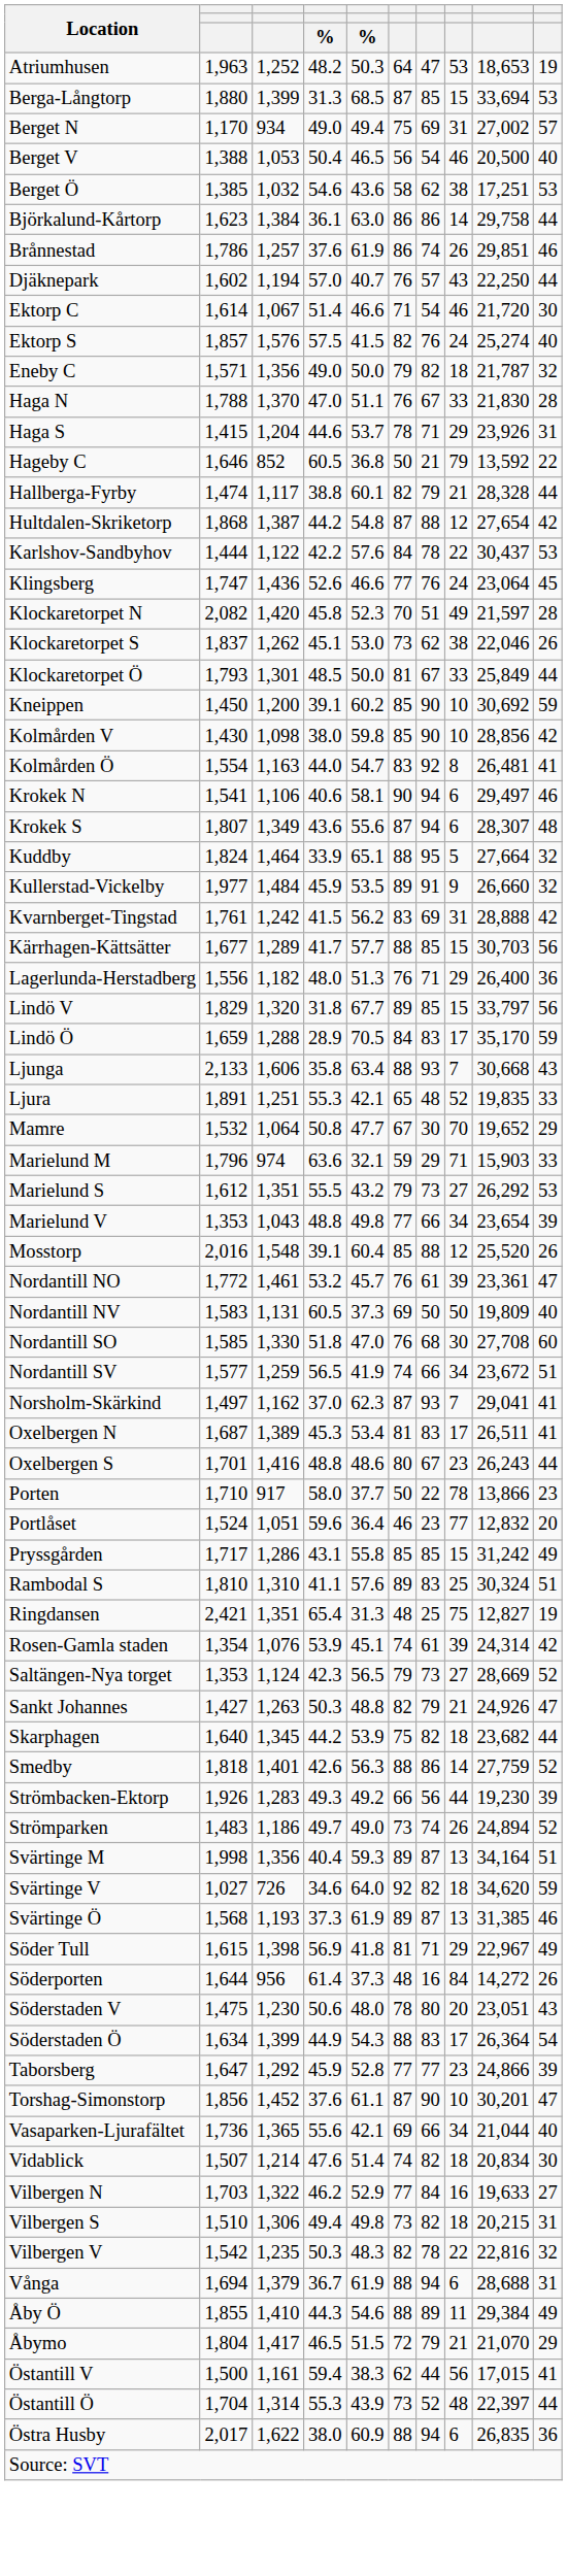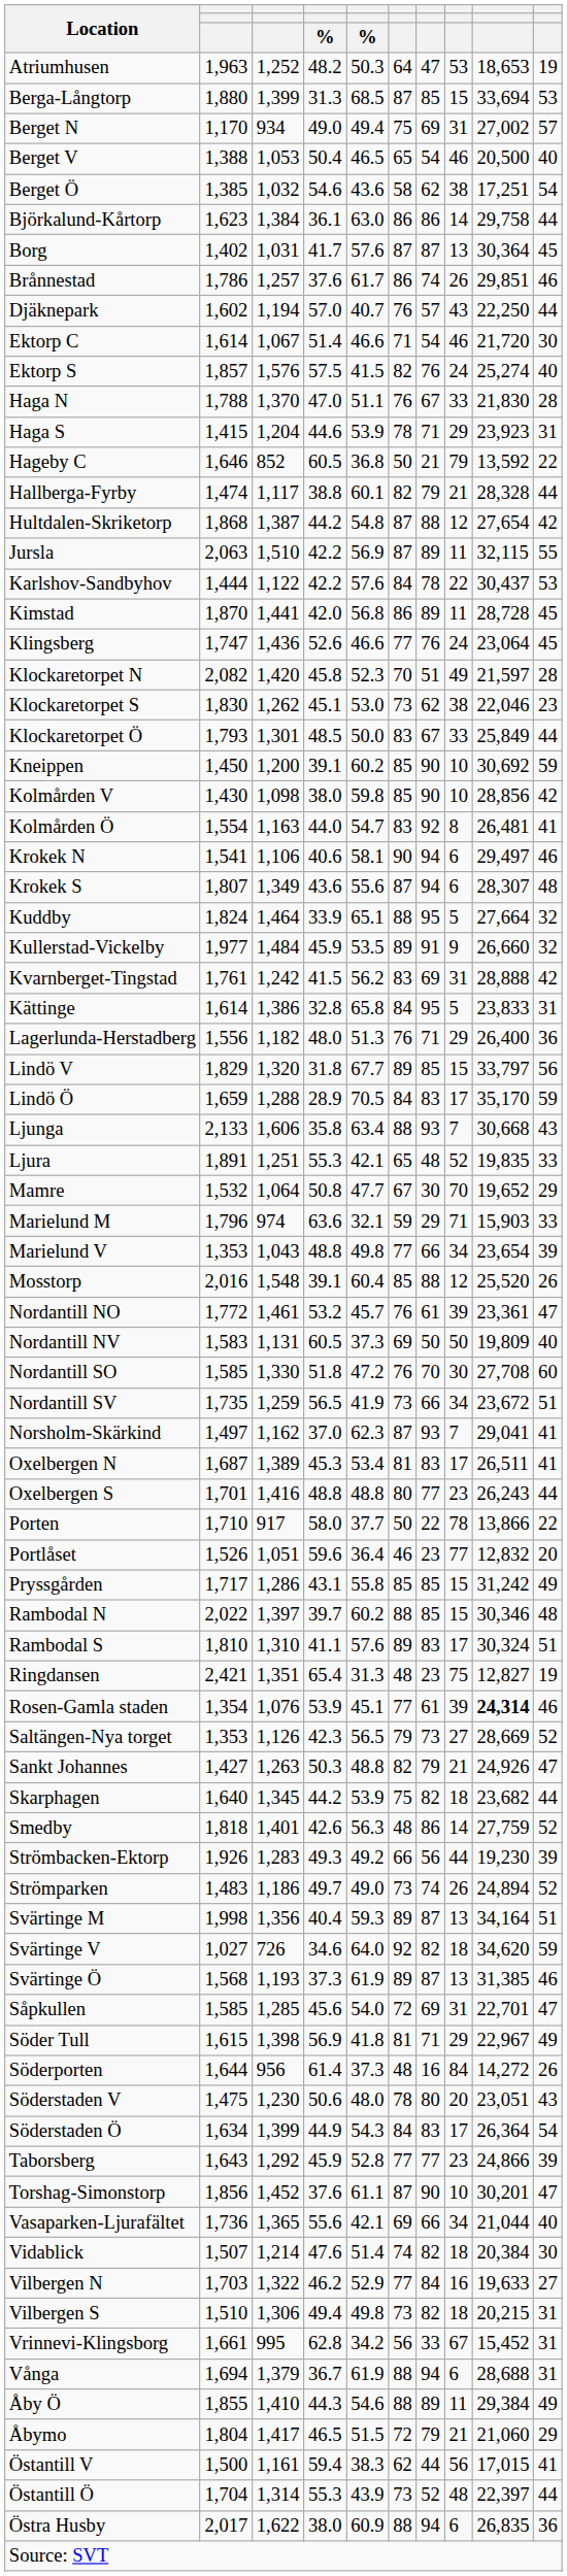 <table role="presentation" class="wikitable sortable mw-collapsible mw-collapsed">
 <tr>
 <th rowspan="3">Location</th>
 <th></th>
 <th></th>
 <th></th>
 <th></th>
 <th></th>
 <th></th>
 <th></th>
 <th></th>
 <th></th>
 </tr>
 <tr>
 <th></th>
 <th></th>
 <th style="background:"></th>
 <th style="background:"></th>
 <th></th>
 <th></th>
 <th></th>
 <th></th>
 <th></th>
 </tr>
 <tr>
 <th data-sort-type="number"></th>
 <th data-sort-type="number"></th>
 <th data-sort-type="number">%</th>
 <th data-sort-type="number">%</th>
 <th data-sort-type="number"></th>
 <th data-sort-type="number"></th>
 <th data-sort-type="number"></th>
 <th data-sort-type="number"></th>
 <th data-sort-type="number"></th>
 </tr>
 <tr>
 <td align="left">Atriumhusen</td>
 <td>1,963</td>
 <td>1,252</td>
 <td>48.2</td>
 <td>50.3</td>
 <td>64</td>
 <td>47</td>
 <td>53</td>
 <td>18,653</td>
 <td>19</td>
 </tr>
 <tr>
 <td align="left">Berga-Långtorp</td>
 <td>1,880</td>
 <td>1,399</td>
 <td>31.3</td>
 <td>68.5</td>
 <td>87</td>
 <td>85</td>
 <td>15</td>
 <td>33,694</td>
 <td>53</td>
 </tr>
 <tr>
 <td align="left">Berget N</td>
 <td>1,170</td>
 <td>934</td>
 <td>49.0</td>
 <td>49.4</td>
 <td>75</td>
 <td>69</td>
 <td>31</td>
 <td>27,002</td>
 <td>57</td>
 </tr>
 <tr>
 <td align="left">Berget V</td>
 <td>1,388</td>
 <td>1,053</td>
 <td>50.4</td>
 <td>46.5</td>
-<td>56</td>
+<td>65</td>
 <td>54</td>
 <td>46</td>
 <td>20,500</td>
 <td>40</td>
 </tr>
 <tr>
 <td align="left">Berget Ö</td>
 <td>1,385</td>
 <td>1,032</td>
 <td>54.6</td>
 <td>43.6</td>
 <td>58</td>
 <td>62</td>
 <td>38</td>
 <td>17,251</td>
-<td>53</td>
+<td>54</td>
 </tr>
 <tr>
 <td align="left">Björkalund-Kårtorp</td>
 <td>1,623</td>
 <td>1,384</td>
 <td>36.1</td>
 <td>63.0</td>
 <td>86</td>
 <td>86</td>
 <td>14</td>
 <td>29,758</td>
 <td>44</td>
 </tr>
 <tr>
+<td align="left">Borg</td>
+<td>1,402</td>
+<td>1,031</td>
+<td>41.7</td>
+<td>57.6</td>
+<td>87</td>
+<td>87</td>
+<td>13</td>
+<td>30,364</td>
+<td>45</td>
+</tr>
+<tr>
 <td align="left">Brånnestad</td>
 <td>1,786</td>
 <td>1,257</td>
 <td>37.6</td>
-<td>61.9</td>
+<td>61.7</td>
 <td>86</td>
 <td>74</td>
 <td>26</td>
 <td>29,851</td>
 <td>46</td>
 </tr>
 <tr>
 <td align="left">Djäknepark</td>
 <td>1,602</td>
 <td>1,194</td>
 <td>57.0</td>
 <td>40.7</td>
 <td>76</td>
 <td>57</td>
 <td>43</td>
 <td>22,250</td>
 <td>44</td>
 </tr>
 <tr>
 <td align="left">Ektorp C</td>
 <td>1,614</td>
 <td>1,067</td>
 <td>51.4</td>
 <td>46.6</td>
 <td>71</td>
 <td>54</td>
 <td>46</td>
 <td>21,720</td>
 <td>30</td>
 </tr>
 <tr>
 <td align="left">Ektorp S</td>
 <td>1,857</td>
 <td>1,576</td>
 <td>57.5</td>
 <td>41.5</td>
 <td>82</td>
 <td>76</td>
 <td>24</td>
 <td>25,274</td>
 <td>40</td>
 </tr>
 <tr>
-<td align="left">Eneby C</td>
-<td>1,571</td>
-<td>1,356</td>
-<td>49.0</td>
-<td>50.0</td>
-<td>79</td>
-<td>82</td>
-<td>18</td>
-<td>21,787</td>
-<td>32</td>
-</tr>
-<tr>
 <td align="left">Haga N</td>
 <td>1,788</td>
 <td>1,370</td>
 <td>47.0</td>
 <td>51.1</td>
 <td>76</td>
 <td>67</td>
 <td>33</td>
 <td>21,830</td>
 <td>28</td>
 </tr>
 <tr>
 <td align="left">Haga S</td>
 <td>1,415</td>
 <td>1,204</td>
 <td>44.6</td>
-<td>53.7</td>
+<td>53.9</td>
 <td>78</td>
 <td>71</td>
 <td>29</td>
-<td>23,926</td>
+<td>23,923</td>
 <td>31</td>
 </tr>
 <tr>
 <td align="left">Hageby C</td>
 <td>1,646</td>
 <td>852</td>
 <td>60.5</td>
 <td>36.8</td>
 <td>50</td>
 <td>21</td>
 <td>79</td>
 <td>13,592</td>
 <td>22</td>
 </tr>
 <tr>
 <td align="left">Hallberga-Fyrby</td>
 <td>1,474</td>
 <td>1,117</td>
 <td>38.8</td>
 <td>60.1</td>
 <td>82</td>
 <td>79</td>
 <td>21</td>
 <td>28,328</td>
 <td>44</td>
 </tr>
 <tr>
 <td align="left">Hultdalen-Skriketorp</td>
 <td>1,868</td>
 <td>1,387</td>
 <td>44.2</td>
 <td>54.8</td>
 <td>87</td>
 <td>88</td>
 <td>12</td>
 <td>27,654</td>
 <td>42</td>
 </tr>
 <tr>
+<td align="left">Jursla</td>
+<td>2,063</td>
+<td>1,510</td>
+<td>42.2</td>
+<td>56.9</td>
+<td>87</td>
+<td>89</td>
+<td>11</td>
+<td>32,115</td>
+<td>55</td>
+</tr>
+<tr>
 <td align="left">Karlshov-Sandbyhov</td>
 <td>1,444</td>
 <td>1,122</td>
 <td>42.2</td>
 <td>57.6</td>
 <td>84</td>
 <td>78</td>
 <td>22</td>
 <td>30,437</td>
 <td>53</td>
+</tr>
+<tr>
+<td align="left">Kimstad</td>
+<td>1,870</td>
+<td>1,441</td>
+<td>42.0</td>
+<td>56.8</td>
+<td>86</td>
+<td>89</td>
+<td>11</td>
+<td>28,728</td>
+<td>45</td>
 </tr>
 <tr>
 <td align="left">Klingsberg</td>
 <td>1,747</td>
 <td>1,436</td>
 <td>52.6</td>
 <td>46.6</td>
 <td>77</td>
 <td>76</td>
 <td>24</td>
 <td>23,064</td>
 <td>45</td>
 </tr>
 <tr>
 <td align="left">Klockaretorpet N</td>
 <td>2,082</td>
 <td>1,420</td>
 <td>45.8</td>
 <td>52.3</td>
 <td>70</td>
 <td>51</td>
 <td>49</td>
 <td>21,597</td>
 <td>28</td>
 </tr>
 <tr>
 <td align="left">Klockaretorpet S</td>
-<td>1,837</td>
+<td>1,830</td>
 <td>1,262</td>
 <td>45.1</td>
 <td>53.0</td>
 <td>73</td>
 <td>62</td>
 <td>38</td>
 <td>22,046</td>
-<td>26</td>
+<td>23</td>
 </tr>
 <tr>
 <td align="left">Klockaretorpet Ö</td>
 <td>1,793</td>
 <td>1,301</td>
 <td>48.5</td>
 <td>50.0</td>
-<td>81</td>
+<td>83</td>
 <td>67</td>
 <td>33</td>
 <td>25,849</td>
 <td>44</td>
 </tr>
 <tr>
 <td align="left">Kneippen</td>
 <td>1,450</td>
 <td>1,200</td>
 <td>39.1</td>
 <td>60.2</td>
 <td>85</td>
 <td>90</td>
 <td>10</td>
 <td>30,692</td>
 <td>59</td>
 </tr>
 <tr>
 <td align="left">Kolmården V</td>
 <td>1,430</td>
 <td>1,098</td>
 <td>38.0</td>
 <td>59.8</td>
 <td>85</td>
 <td>90</td>
 <td>10</td>
 <td>28,856</td>
 <td>42</td>
 </tr>
 <tr>
 <td align="left">Kolmården Ö</td>
 <td>1,554</td>
 <td>1,163</td>
 <td>44.0</td>
 <td>54.7</td>
 <td>83</td>
 <td>92</td>
 <td>8</td>
 <td>26,481</td>
 <td>41</td>
 </tr>
 <tr>
 <td align="left">Krokek N</td>
 <td>1,541</td>
 <td>1,106</td>
 <td>40.6</td>
 <td>58.1</td>
 <td>90</td>
 <td>94</td>
 <td>6</td>
 <td>29,497</td>
 <td>46</td>
 </tr>
 <tr>
 <td align="left">Krokek S</td>
 <td>1,807</td>
 <td>1,349</td>
 <td>43.6</td>
 <td>55.6</td>
 <td>87</td>
 <td>94</td>
 <td>6</td>
 <td>28,307</td>
 <td>48</td>
 </tr>
 <tr>
 <td align="left">Kuddby</td>
 <td>1,824</td>
 <td>1,464</td>
 <td>33.9</td>
 <td>65.1</td>
 <td>88</td>
 <td>95</td>
 <td>5</td>
 <td>27,664</td>
 <td>32</td>
 </tr>
 <tr>
 <td align="left">Kullerstad-Vickelby</td>
 <td>1,977</td>
 <td>1,484</td>
 <td>45.9</td>
 <td>53.5</td>
 <td>89</td>
 <td>91</td>
 <td>9</td>
 <td>26,660</td>
 <td>32</td>
 </tr>
 <tr>
 <td align="left">Kvarnberget-Tingstad</td>
 <td>1,761</td>
 <td>1,242</td>
 <td>41.5</td>
 <td>56.2</td>
 <td>83</td>
 <td>69</td>
 <td>31</td>
 <td>28,888</td>
 <td>42</td>
 </tr>
 <tr>
-<td align="left">Kärrhagen-Kättsätter</td>
-<td>1,677</td>
-<td>1,289</td>
-<td>41.7</td>
-<td>57.7</td>
-<td>88</td>
-<td>85</td>
-<td>15</td>
-<td>30,703</td>
-<td>56</td>
+<td align="left">Kättinge</td>
+<td>1,614</td>
+<td>1,386</td>
+<td>32.8</td>
+<td>65.8</td>
+<td>84</td>
+<td>95</td>
+<td>5</td>
+<td>23,833</td>
+<td>31</td>
 </tr>
 <tr>
 <td align="left">Lagerlunda-Herstadberg</td>
 <td>1,556</td>
 <td>1,182</td>
 <td>48.0</td>
 <td>51.3</td>
 <td>76</td>
 <td>71</td>
 <td>29</td>
 <td>26,400</td>
 <td>36</td>
 </tr>
 <tr>
 <td align="left">Lindö V</td>
 <td>1,829</td>
 <td>1,320</td>
 <td>31.8</td>
 <td>67.7</td>
 <td>89</td>
 <td>85</td>
 <td>15</td>
 <td>33,797</td>
 <td>56</td>
 </tr>
 <tr>
 <td align="left">Lindö Ö</td>
 <td>1,659</td>
 <td>1,288</td>
 <td>28.9</td>
 <td>70.5</td>
 <td>84</td>
 <td>83</td>
 <td>17</td>
 <td>35,170</td>
 <td>59</td>
 </tr>
 <tr>
 <td align="left">Ljunga</td>
 <td>2,133</td>
 <td>1,606</td>
 <td>35.8</td>
 <td>63.4</td>
 <td>88</td>
 <td>93</td>
 <td>7</td>
 <td>30,668</td>
 <td>43</td>
 </tr>
 <tr>
 <td align="left">Ljura</td>
 <td>1,891</td>
 <td>1,251</td>
 <td>55.3</td>
 <td>42.1</td>
 <td>65</td>
 <td>48</td>
 <td>52</td>
 <td>19,835</td>
 <td>33</td>
 </tr>
 <tr>
 <td align="left">Mamre</td>
 <td>1,532</td>
 <td>1,064</td>
 <td>50.8</td>
 <td>47.7</td>
 <td>67</td>
 <td>30</td>
 <td>70</td>
 <td>19,652</td>
 <td>29</td>
 </tr>
 <tr>
 <td align="left">Marielund M</td>
 <td>1,796</td>
 <td>974</td>
 <td>63.6</td>
 <td>32.1</td>
 <td>59</td>
 <td>29</td>
 <td>71</td>
 <td>15,903</td>
 <td>33</td>
 </tr>
 <tr>
-<td align="left">Marielund S</td>
-<td>1,612</td>
-<td>1,351</td>
-<td>55.5</td>
-<td>43.2</td>
-<td>79</td>
-<td>73</td>
-<td>27</td>
-<td>26,292</td>
-<td>53</td>
-</tr>
-<tr>
 <td align="left">Marielund V</td>
 <td>1,353</td>
 <td>1,043</td>
 <td>48.8</td>
 <td>49.8</td>
 <td>77</td>
 <td>66</td>
 <td>34</td>
 <td>23,654</td>
 <td>39</td>
 </tr>
 <tr>
 <td align="left">Mosstorp</td>
 <td>2,016</td>
 <td>1,548</td>
 <td>39.1</td>
 <td>60.4</td>
 <td>85</td>
 <td>88</td>
 <td>12</td>
 <td>25,520</td>
 <td>26</td>
 </tr>
 <tr>
 <td align="left">Nordantill NO</td>
 <td>1,772</td>
 <td>1,461</td>
 <td>53.2</td>
 <td>45.7</td>
 <td>76</td>
 <td>61</td>
 <td>39</td>
 <td>23,361</td>
 <td>47</td>
 </tr>
 <tr>
 <td align="left">Nordantill NV</td>
 <td>1,583</td>
 <td>1,131</td>
 <td>60.5</td>
 <td>37.3</td>
 <td>69</td>
 <td>50</td>
 <td>50</td>
 <td>19,809</td>
 <td>40</td>
 </tr>
 <tr>
 <td align="left">Nordantill SO</td>
 <td>1,585</td>
 <td>1,330</td>
 <td>51.8</td>
-<td>47.0</td>
+<td>47.2</td>
 <td>76</td>
-<td>68</td>
+<td>70</td>
 <td>30</td>
 <td>27,708</td>
 <td>60</td>
 </tr>
 <tr>
 <td align="left">Nordantill SV</td>
-<td>1,577</td>
+<td>1,735</td>
 <td>1,259</td>
 <td>56.5</td>
 <td>41.9</td>
-<td>74</td>
+<td>73</td>
 <td>66</td>
 <td>34</td>
 <td>23,672</td>
 <td>51</td>
 </tr>
 <tr>
 <td align="left">Norsholm-Skärkind</td>
 <td>1,497</td>
 <td>1,162</td>
 <td>37.0</td>
 <td>62.3</td>
 <td>87</td>
 <td>93</td>
 <td>7</td>
 <td>29,041</td>
 <td>41</td>
 </tr>
 <tr>
 <td align="left">Oxelbergen N</td>
 <td>1,687</td>
 <td>1,389</td>
 <td>45.3</td>
 <td>53.4</td>
 <td>81</td>
 <td>83</td>
 <td>17</td>
 <td>26,511</td>
 <td>41</td>
 </tr>
 <tr>
 <td align="left">Oxelbergen S</td>
 <td>1,701</td>
 <td>1,416</td>
 <td>48.8</td>
-<td>48.6</td>
+<td>48.8</td>
 <td>80</td>
-<td>67</td>
+<td>77</td>
 <td>23</td>
 <td>26,243</td>
 <td>44</td>
 </tr>
 <tr>
 <td align="left">Porten</td>
 <td>1,710</td>
 <td>917</td>
 <td>58.0</td>
 <td>37.7</td>
 <td>50</td>
 <td>22</td>
 <td>78</td>
 <td>13,866</td>
-<td>23</td>
+<td>22</td>
 </tr>
 <tr>
 <td align="left">Portlåset</td>
-<td>1,524</td>
+<td>1,526</td>
 <td>1,051</td>
 <td>59.6</td>
 <td>36.4</td>
 <td>46</td>
 <td>23</td>
 <td>77</td>
 <td>12,832</td>
 <td>20</td>
 </tr>
 <tr>
 <td align="left">Pryssgården</td>
 <td>1,717</td>
 <td>1,286</td>
 <td>43.1</td>
 <td>55.8</td>
 <td>85</td>
 <td>85</td>
 <td>15</td>
 <td>31,242</td>
 <td>49</td>
 </tr>
 <tr>
+<td align="left">Rambodal N</td>
+<td>2,022</td>
+<td>1,397</td>
+<td>39.7</td>
+<td>60.2</td>
+<td>88</td>
+<td>85</td>
+<td>15</td>
+<td>30,346</td>
+<td>48</td>
+</tr>
+<tr>
 <td align="left">Rambodal S</td>
 <td>1,810</td>
 <td>1,310</td>
 <td>41.1</td>
 <td>57.6</td>
 <td>89</td>
 <td>83</td>
-<td>25</td>
+<td>17</td>
 <td>30,324</td>
 <td>51</td>
 </tr>
 <tr>
 <td align="left">Ringdansen</td>
 <td>2,421</td>
 <td>1,351</td>
 <td>65.4</td>
 <td>31.3</td>
 <td>48</td>
-<td>25</td>
+<td>23</td>
 <td>75</td>
 <td>12,827</td>
 <td>19</td>
 </tr>
 <tr>
 <td align="left">Rosen-Gamla staden</td>
 <td>1,354</td>
 <td>1,076</td>
 <td>53.9</td>
 <td>45.1</td>
-<td>74</td>
+<td>77</td>
 <td>61</td>
 <td>39</td>
-<td>24,314</td>
-<td>42</td>
+<td><strong>24,314</strong></td>
+<td>46</td>
 </tr>
 <tr>
 <td align="left">Saltängen-Nya torget</td>
 <td>1,353</td>
-<td>1,124</td>
+<td>1,126</td>
 <td>42.3</td>
 <td>56.5</td>
 <td>79</td>
 <td>73</td>
 <td>27</td>
 <td>28,669</td>
 <td>52</td>
 </tr>
 <tr>
 <td align="left">Sankt Johannes</td>
 <td>1,427</td>
 <td>1,263</td>
 <td>50.3</td>
 <td>48.8</td>
 <td>82</td>
 <td>79</td>
 <td>21</td>
 <td>24,926</td>
 <td>47</td>
 </tr>
 <tr>
 <td align="left">Skarphagen</td>
 <td>1,640</td>
 <td>1,345</td>
 <td>44.2</td>
 <td>53.9</td>
 <td>75</td>
 <td>82</td>
 <td>18</td>
 <td>23,682</td>
 <td>44</td>
 </tr>
 <tr>
 <td align="left">Smedby</td>
 <td>1,818</td>
 <td>1,401</td>
 <td>42.6</td>
 <td>56.3</td>
-<td>88</td>
+<td>48</td>
 <td>86</td>
 <td>14</td>
 <td>27,759</td>
 <td>52</td>
 </tr>
 <tr>
 <td align="left">Strömbacken-Ektorp</td>
 <td>1,926</td>
 <td>1,283</td>
 <td>49.3</td>
 <td>49.2</td>
 <td>66</td>
 <td>56</td>
 <td>44</td>
 <td>19,230</td>
 <td>39</td>
 </tr>
 <tr>
 <td align="left">Strömparken</td>
 <td>1,483</td>
 <td>1,186</td>
 <td>49.7</td>
 <td>49.0</td>
 <td>73</td>
 <td>74</td>
 <td>26</td>
 <td>24,894</td>
 <td>52</td>
 </tr>
 <tr>
 <td align="left">Svärtinge M</td>
 <td>1,998</td>
 <td>1,356</td>
 <td>40.4</td>
 <td>59.3</td>
 <td>89</td>
 <td>87</td>
 <td>13</td>
 <td>34,164</td>
 <td>51</td>
 </tr>
 <tr>
 <td align="left">Svärtinge V</td>
 <td>1,027</td>
 <td>726</td>
 <td>34.6</td>
 <td>64.0</td>
 <td>92</td>
 <td>82</td>
 <td>18</td>
 <td>34,620</td>
 <td>59</td>
 </tr>
 <tr>
 <td align="left">Svärtinge Ö</td>
 <td>1,568</td>
 <td>1,193</td>
 <td>37.3</td>
 <td>61.9</td>
 <td>89</td>
 <td>87</td>
 <td>13</td>
 <td>31,385</td>
 <td>46</td>
 </tr>
 <tr>
+<td align="left">Såpkullen</td>
+<td>1,585</td>
+<td>1,285</td>
+<td>45.6</td>
+<td>54.0</td>
+<td>72</td>
+<td>69</td>
+<td>31</td>
+<td>22,701</td>
+<td>47</td>
+</tr>
+<tr>
 <td align="left">Söder Tull</td>
 <td>1,615</td>
 <td>1,398</td>
 <td>56.9</td>
 <td>41.8</td>
 <td>81</td>
 <td>71</td>
 <td>29</td>
 <td>22,967</td>
 <td>49</td>
 </tr>
 <tr>
 <td align="left">Söderporten</td>
 <td>1,644</td>
 <td>956</td>
 <td>61.4</td>
 <td>37.3</td>
 <td>48</td>
 <td>16</td>
 <td>84</td>
 <td>14,272</td>
 <td>26</td>
 </tr>
 <tr>
 <td align="left">Söderstaden V</td>
 <td>1,475</td>
 <td>1,230</td>
 <td>50.6</td>
 <td>48.0</td>
 <td>78</td>
 <td>80</td>
 <td>20</td>
 <td>23,051</td>
 <td>43</td>
 </tr>
 <tr>
 <td align="left">Söderstaden Ö</td>
 <td>1,634</td>
 <td>1,399</td>
 <td>44.9</td>
 <td>54.3</td>
-<td>88</td>
+<td>84</td>
 <td>83</td>
 <td>17</td>
 <td>26,364</td>
 <td>54</td>
 </tr>
 <tr>
 <td align="left">Taborsberg</td>
-<td>1,647</td>
+<td>1,643</td>
 <td>1,292</td>
 <td>45.9</td>
 <td>52.8</td>
 <td>77</td>
 <td>77</td>
 <td>23</td>
 <td>24,866</td>
 <td>39</td>
 </tr>
 <tr>
 <td align="left">Torshag-Simonstorp</td>
 <td>1,856</td>
 <td>1,452</td>
 <td>37.6</td>
 <td>61.1</td>
 <td>87</td>
 <td>90</td>
 <td>10</td>
 <td>30,201</td>
 <td>47</td>
 </tr>
 <tr>
 <td align="left">Vasaparken-Ljurafältet</td>
 <td>1,736</td>
 <td>1,365</td>
 <td>55.6</td>
 <td>42.1</td>
 <td>69</td>
 <td>66</td>
 <td>34</td>
 <td>21,044</td>
 <td>40</td>
 </tr>
 <tr>
 <td align="left">Vidablick</td>
 <td>1,507</td>
 <td>1,214</td>
 <td>47.6</td>
 <td>51.4</td>
 <td>74</td>
 <td>82</td>
 <td>18</td>
-<td>20,834</td>
+<td>20,384</td>
 <td>30</td>
 </tr>
 <tr>
 <td align="left">Vilbergen N</td>
 <td>1,703</td>
 <td>1,322</td>
 <td>46.2</td>
 <td>52.9</td>
 <td>77</td>
 <td>84</td>
 <td>16</td>
 <td>19,633</td>
 <td>27</td>
 </tr>
 <tr>
 <td align="left">Vilbergen S</td>
 <td>1,510</td>
 <td>1,306</td>
 <td>49.4</td>
 <td>49.8</td>
 <td>73</td>
 <td>82</td>
 <td>18</td>
 <td>20,215</td>
 <td>31</td>
 </tr>
 <tr>
-<td align="left">Vilbergen V</td>
-<td>1,542</td>
-<td>1,235</td>
-<td>50.3</td>
-<td>48.3</td>
-<td>82</td>
-<td>78</td>
-<td>22</td>
-<td>22,816</td>
-<td>32</td>
+<td align="left">Vrinnevi-Klingsborg</td>
+<td>1,661</td>
+<td>995</td>
+<td>62.8</td>
+<td>34.2</td>
+<td>56</td>
+<td>33</td>
+<td>67</td>
+<td>15,452</td>
+<td>31</td>
 </tr>
 <tr>
 <td align="left">Vånga</td>
 <td>1,694</td>
 <td>1,379</td>
 <td>36.7</td>
 <td>61.9</td>
 <td>88</td>
 <td>94</td>
 <td>6</td>
 <td>28,688</td>
 <td>31</td>
 </tr>
 <tr>
 <td align="left">Åby Ö</td>
 <td>1,855</td>
 <td>1,410</td>
 <td>44.3</td>
 <td>54.6</td>
 <td>88</td>
 <td>89</td>
 <td>11</td>
 <td>29,384</td>
 <td>49</td>
 </tr>
 <tr>
 <td align="left">Åbymo</td>
 <td>1,804</td>
 <td>1,417</td>
 <td>46.5</td>
 <td>51.5</td>
 <td>72</td>
 <td>79</td>
 <td>21</td>
-<td>21,070</td>
+<td>21,060</td>
 <td>29</td>
 </tr>
 <tr>
 <td align="left">Östantill V</td>
 <td>1,500</td>
 <td>1,161</td>
 <td>59.4</td>
 <td>38.3</td>
 <td>62</td>
 <td>44</td>
 <td>56</td>
 <td>17,015</td>
 <td>41</td>
 </tr>
 <tr>
 <td align="left">Östantill Ö</td>
 <td>1,704</td>
 <td>1,314</td>
 <td>55.3</td>
 <td>43.9</td>
 <td>73</td>
 <td>52</td>
 <td>48</td>
 <td>22,397</td>
 <td>44</td>
 </tr>
 <tr>
 <td align="left">Östra Husby</td>
 <td>2,017</td>
 <td>1,622</td>
 <td>38.0</td>
 <td>60.9</td>
 <td>88</td>
 <td>94</td>
 <td>6</td>
 <td>26,835</td>
 <td>36</td>
 </tr>
 <tr>
 <td colspan="10" align="left">Source: <a href='#'>SVT</a></td>
 </tr>
 </table>
